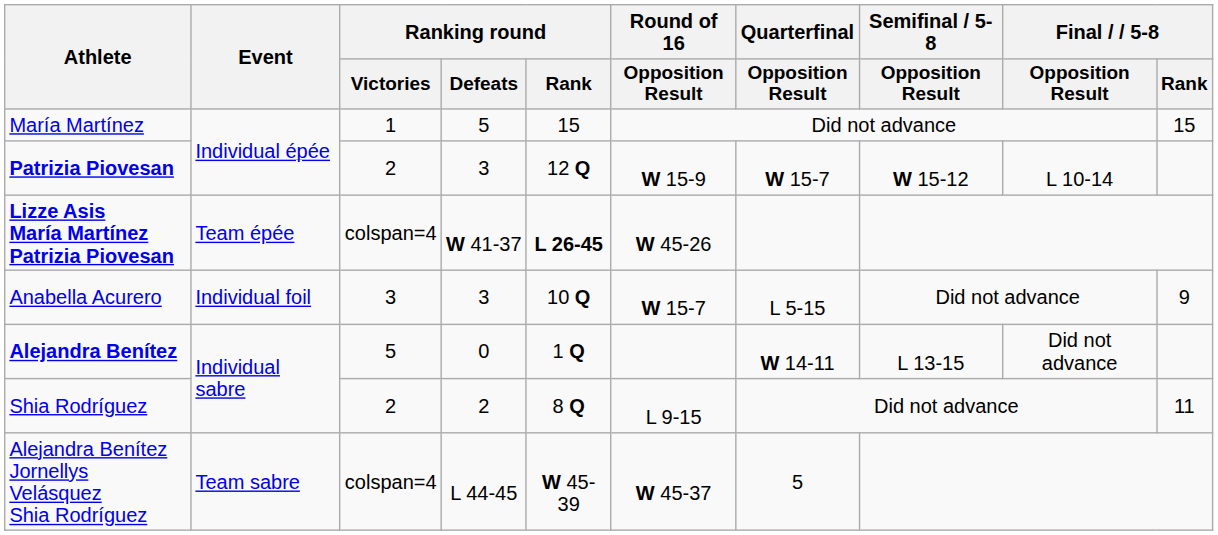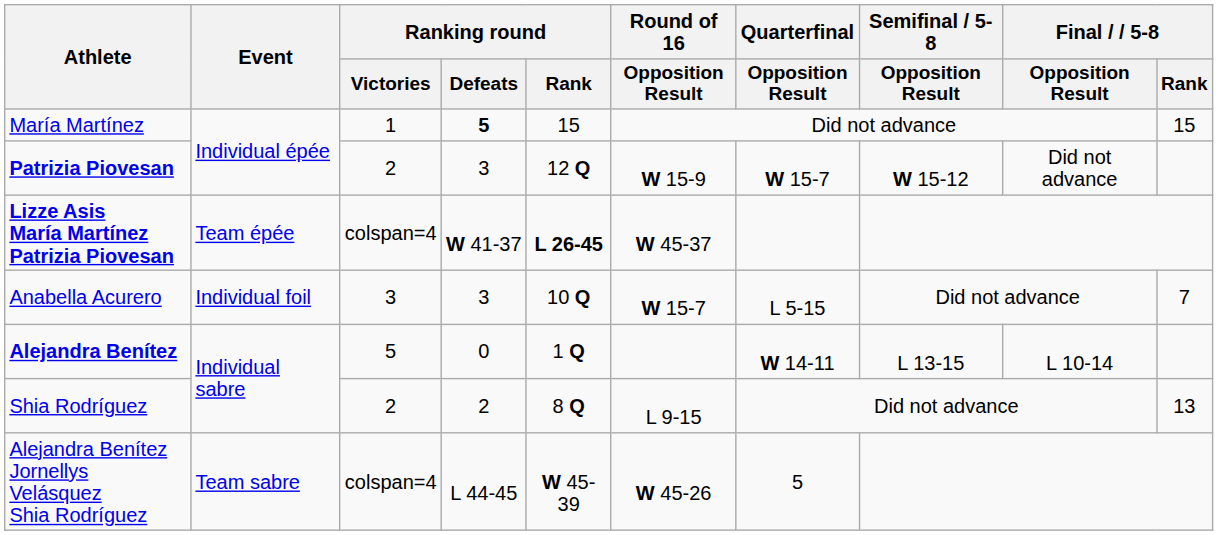 <table class=wikitable style=font-size:90%;text-align:center>
 <tr>
 <th rowspan=2>Athlete</th>
 <th rowspan=2>Event</th>
 <th colspan=3>Ranking round</th>
 <th>Round of 16</th>
 <th>Quarterfinal</th>
 <th>Semifinal / 5-8</th>
 <th colspan=2>Final /  / 5-8</th>
 </tr>
 <tr style=font-size:95%>
 <th>Victories</th>
 <th>Defeats</th>
 <th>Rank</th>
 <th>Opposition<br>Result</th>
 <th>Opposition<br>Result</th>
 <th>Opposition<br>Result</th>
 <th>Opposition<br>Result</th>
 <th>Rank</th>
 </tr>
 <tr>
 <td align=left><a href='#'>María Martínez</a></td>
 <td align=left rowspan=2><a href='#'>Individual épée</a></td>
 <td>1</td>
-<td>5</td>
+<td><strong>5</strong></td>
 <td>15</td>
 <td colspan=4>Did not advance</td>
 <td>15</td>
 </tr>
 <tr>
 <td align=left><strong><a href='#'>Patrizia Piovesan</a></strong></td>
 <td>2</td>
 <td>3</td>
 <td>12 <strong>Q</strong></td>
 <td><br> <strong>W</strong> 15-9</td>
 <td><br><strong>W</strong> 15-7</td>
 <td><br> <strong>W</strong> 15-12</td>
-<td><br> L 10-14</td>
+<td>Did not advance</td>
 <td></td>
 </tr>
 <tr>
 <td align=left><strong><a href='#'>Lizze Asis</a><br><a href='#'>María Martínez</a><br><a href='#'>Patrizia Piovesan</a></strong></td>
 <td align=left><a href='#'>Team épée</a></td>
 <td>colspan=4 </td>
 <td><br><strong>W</strong> 41-37</td>
 <td><strong><br>L 26-45</strong></td>
-<td><br><strong>W</strong> 45-26</td>
+<td><br> <strong>W</strong> 45-37</td>
 <td></td>
 </tr>
 <tr>
 <td align=left><a href='#'>Anabella Acurero</a></td>
 <td align=left><a href='#'>Individual foil</a></td>
 <td>3</td>
 <td>3</td>
 <td>10 <strong>Q</strong></td>
 <td><br> <strong>W</strong> 15-7</td>
 <td><br> L 5-15</td>
 <td colspan=2>Did not advance</td>
-<td>9</td>
+<td>7</td>
 </tr>
 <tr>
 <td align=left><strong><a href='#'>Alejandra Benítez</a></strong></td>
 <td align=left rowspan=2><a href='#'>Individual sabre</a></td>
 <td>5</td>
 <td>0</td>
 <td>1 <strong>Q</strong></td>
 <td></td>
 <td><br> <strong>W</strong> 14-11</td>
 <td><br>L 13-15</td>
-<td>Did not advance</td>
+<td><br> L 10-14</td>
 <td></td>
 </tr>
 <tr>
 <td align=left><a href='#'>Shia Rodríguez</a></td>
 <td>2</td>
 <td>2</td>
 <td>8 <strong>Q</strong></td>
 <td><br>L 9-15</td>
 <td colspan=3>Did not advance</td>
-<td>11</td>
+<td>13</td>
 </tr>
 <tr>
 <td align=left><a href='#'>Alejandra Benítez</a><br><a href='#'>Jornellys Velásquez</a><br><a href='#'>Shia Rodríguez</a><br></td>
 <td align=left><a href='#'>Team sabre</a></td>
 <td>colspan=4 </td>
 <td><br>L 44-45</td>
 <td><br><strong>W</strong> 45-39</td>
-<td><br> <strong>W</strong> 45-37</td>
+<td><br><strong>W</strong> 45-26</td>
 <td>5</td>
 </tr>
 </table>
